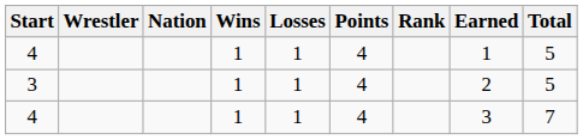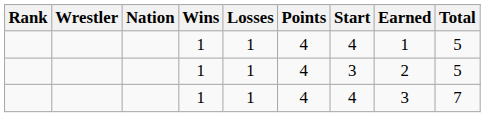 <table class="wikitable sortable" style="text-align:center;">
 <tr>
-<th>Start</th>
+<th>Rank</th>
 <th>Wrestler</th>
 <th>Nation</th>
 <th>Wins</th>
 <th>Losses</th>
 <th>Points</th>
-<th>Rank</th>
+<th>Start</th>
 <th>Earned</th>
 <th>Total</th>
 </tr>
 <tr>
-<td>4</td>
+<td></td>
 <td align=left></td>
 <td align=left></td>
 <td>1</td>
 <td>1</td>
 <td>4</td>
-<td></td>
+<td>4</td>
 <td>1</td>
 <td>5</td>
 </tr>
 <tr>
-<td>3</td>
+<td></td>
 <td align=left></td>
 <td align=left></td>
 <td>1</td>
 <td>1</td>
 <td>4</td>
-<td></td>
+<td>3</td>
 <td>2</td>
 <td>5</td>
 </tr>
 <tr>
-<td>4</td>
+<td></td>
 <td align=left></td>
 <td align=left></td>
 <td>1</td>
 <td>1</td>
 <td>4</td>
-<td></td>
+<td>4</td>
 <td>3</td>
 <td>7</td>
 </tr>
 </table>
